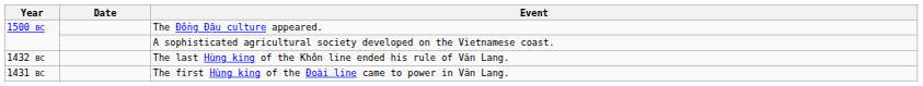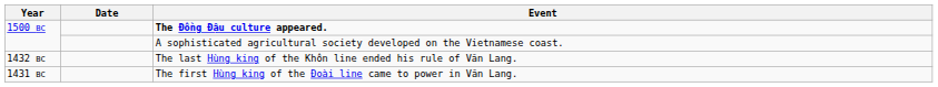 <table class="wikitable" width="100%">
 <tr>
 <th style="width:6%">Year</th>
 <th style="width:10%">Date</th>
 <th>Event</th>
 </tr>
 <tr>
 <td rowspan="2" valign="top"><a href='#'>1500 <small>BC</small></a></td>
 <td></td>
-<td>The <a href='#'>Đồng Đậu culture</a> appeared.</td>
+<td><strong>The <a href='#'>Đồng Đậu culture</a> appeared.</strong></td>
 </tr>
 <tr>
 <td></td>
 <td>A sophisticated agricultural society developed on the Vietnamese coast.</td>
 </tr>
 <tr>
 <td>1432 <small>BC</small></td>
 <td></td>
 <td>The last <a href='#'>Hùng king</a> of the Khôn line ended his rule of Văn Lang.</td>
 </tr>
 <tr>
 <td>1431 <small>BC</small></td>
 <td></td>
 <td>The first <a href='#'>Hùng king</a> of the <a href='#'>Đoài line</a> came to power in Văn Lang.</td>
 </tr>
 </table>
